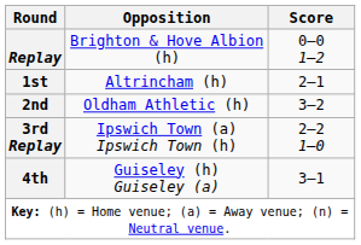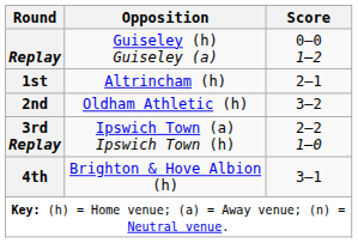 <table class="wikitable plainrowheaders" style="text-align:center;margin:0">
 <tr>
 <th scope="col" style="width:25px">Round</th>
 <th scope="col" style="width:175px">Opposition</th>
 <th scope="col" style="width:70px">Score</th>
 </tr>
 <tr>
 <th scope=row style="text-align:center"><br><em>Replay</em></th>
-<td><a href='#'>Brighton & Hove Albion</a> (h)</td>
+<td><a href='#'>Guiseley</a> (h)<br><em>Guiseley (a)</em></td>
 <td>0–0<br><em>1–2</em></td>
 </tr>
 <tr>
 <th scope=row style="text-align:center">1st</th>
 <td><a href='#'>Altrincham</a> (h)</td>
 <td>2–1</td>
 </tr>
 <tr>
 <th scope=row style="text-align:center">2nd</th>
 <td><a href='#'>Oldham Athletic</a> (h)</td>
 <td>3–2</td>
 </tr>
 <tr>
 <th scope=row style="text-align:center">3rd<br><em>Replay</em></th>
 <td><a href='#'>Ipswich Town</a> (a)<br><em>Ipswich Town</em> (h)</td>
 <td>2–2<br><em>1–0</em></td>
 </tr>
 <tr>
 <th scope=row style="text-align:center">4th</th>
-<td><a href='#'>Guiseley</a> (h)<br><em>Guiseley (a)</em></td>
+<td><a href='#'>Brighton & Hove Albion</a> (h)</td>
 <td>3–1</td>
 </tr>
 <tr>
 <td colspan="3" style="background:white;"><small><strong>Key:</strong> (h) = Home venue; (a) = Away venue; (n) = <a href='#'>Neutral venue</a>.</small></td>
 </tr>
 </table>
